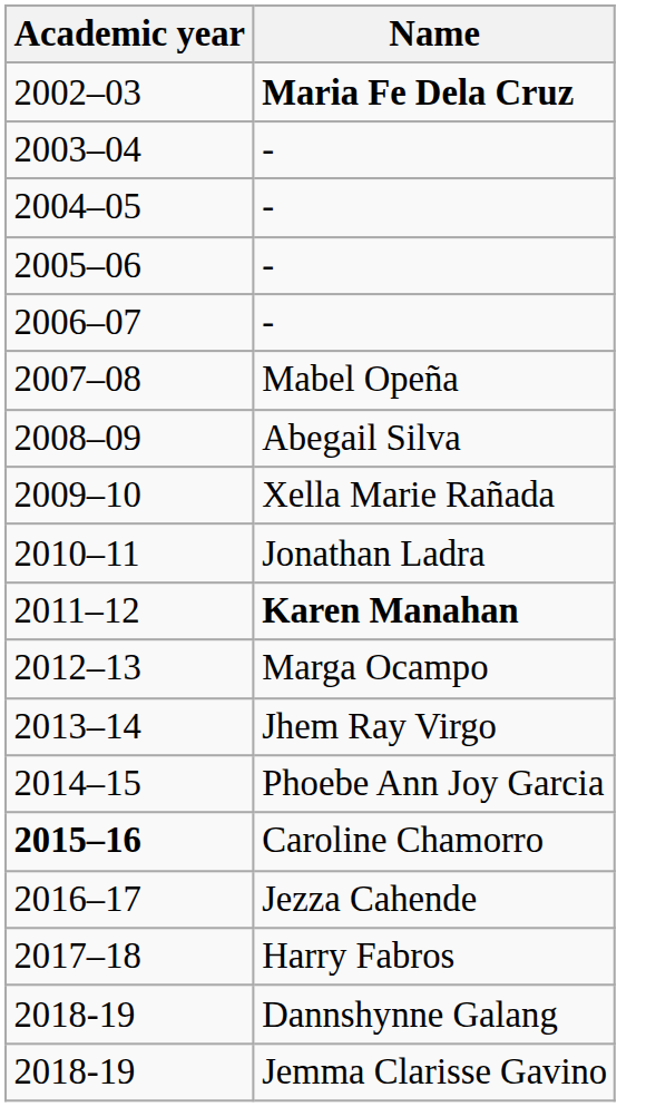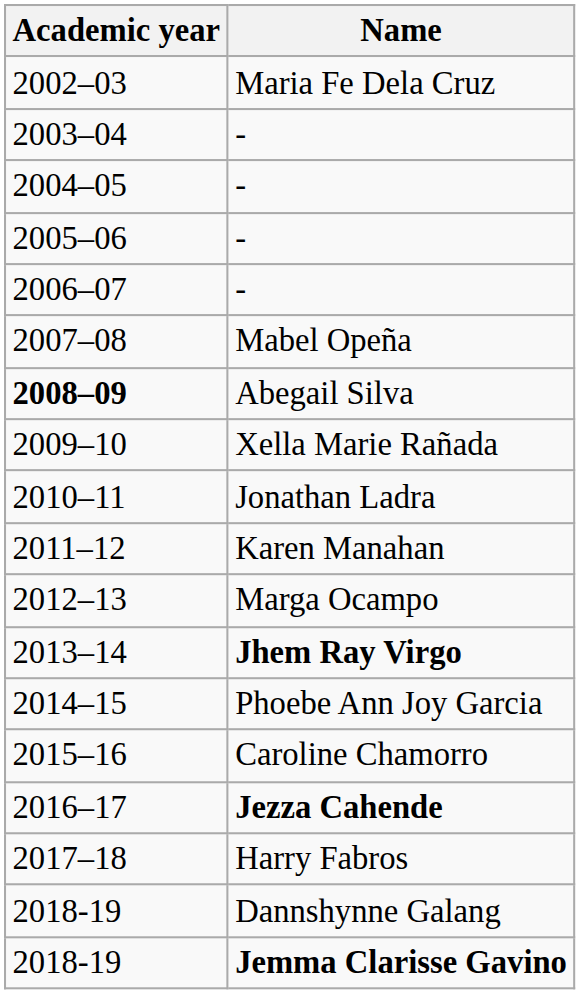 <table class="wikitable">
 <tr>
 <th>Academic year</th>
 <th>Name</th>
 </tr>
 <tr>
 <td>2002–03</td>
-<td><strong>Maria Fe Dela Cruz</strong></td>
+<td>Maria Fe Dela Cruz</td>
 </tr>
 <tr>
 <td>2003–04</td>
 <td>-</td>
 </tr>
 <tr>
 <td>2004–05</td>
 <td>-</td>
 </tr>
 <tr>
 <td>2005–06</td>
 <td>-</td>
 </tr>
 <tr>
 <td>2006–07</td>
 <td>-</td>
 </tr>
 <tr>
 <td>2007–08</td>
 <td>Mabel Opeña</td>
 </tr>
 <tr>
-<td>2008–09</td>
+<td><strong>2008–09</strong></td>
 <td>Abegail Silva</td>
 </tr>
 <tr>
 <td>2009–10</td>
 <td>Xella Marie Rañada</td>
 </tr>
 <tr>
 <td>2010–11</td>
 <td>Jonathan Ladra</td>
 </tr>
 <tr>
 <td>2011–12</td>
-<td><strong>Karen Manahan</strong></td>
+<td>Karen Manahan</td>
 </tr>
 <tr>
 <td>2012–13</td>
 <td>Marga Ocampo</td>
 </tr>
 <tr>
 <td>2013–14</td>
-<td>Jhem Ray Virgo</td>
+<td><strong>Jhem Ray Virgo</strong></td>
 </tr>
 <tr>
 <td>2014–15</td>
 <td>Phoebe Ann Joy Garcia</td>
 </tr>
 <tr>
-<td><strong>2015–16</strong></td>
+<td>2015–16</td>
 <td>Caroline Chamorro</td>
 </tr>
 <tr>
 <td>2016–17</td>
-<td>Jezza Cahende</td>
+<td><strong>Jezza Cahende</strong></td>
 </tr>
 <tr>
 <td>2017–18</td>
 <td>Harry Fabros</td>
 </tr>
 <tr>
 <td>2018-19</td>
 <td>Dannshynne Galang</td>
 </tr>
 <tr>
 <td>2018-19</td>
-<td>Jemma Clarisse Gavino</td>
+<td><strong>Jemma Clarisse Gavino</strong></td>
 </tr>
 </table>
